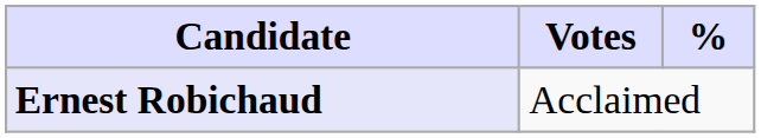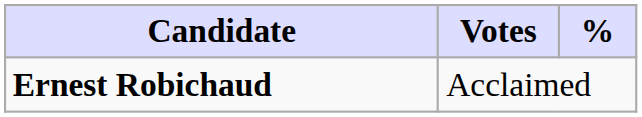 <table class="wikitable">
 <tr>
 <th style="background:#ddf; width:200px;">Candidate</th>
 <th style="background:#ddf; width:50px;">Votes</th>
 <th style="background:#ddf; width:30px;">%</th>
 </tr>
 <tr>
-<td style="background: lavender;"><strong>Ernest Robichaud</strong></td>
+<td><strong>Ernest Robichaud</strong></td>
 <td colspan="2">Acclaimed</td>
 </tr>
 </table>
